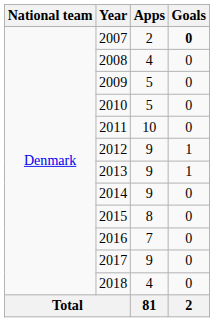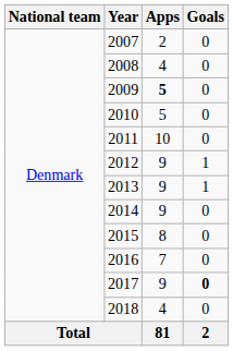 <table class="wikitable" style="text-align:center">
 <tr>
 <th>National team</th>
 <th>Year</th>
 <th>Apps</th>
 <th>Goals</th>
 </tr>
 <tr>
 <td rowspan="12"><a href='#'>Denmark</a></td>
 <td>2007</td>
 <td>2</td>
-<td><strong>0</strong></td>
+<td>0</td>
 </tr>
 <tr>
 <td>2008</td>
 <td>4</td>
 <td>0</td>
 </tr>
 <tr>
 <td>2009</td>
-<td>5</td>
+<td><strong>5</strong></td>
 <td>0</td>
 </tr>
 <tr>
 <td>2010</td>
 <td>5</td>
 <td>0</td>
 </tr>
 <tr>
 <td>2011</td>
 <td>10</td>
 <td>0</td>
 </tr>
 <tr>
 <td>2012</td>
 <td>9</td>
 <td>1</td>
 </tr>
 <tr>
 <td>2013</td>
 <td>9</td>
 <td>1</td>
 </tr>
 <tr>
 <td>2014</td>
 <td>9</td>
 <td>0</td>
 </tr>
 <tr>
 <td>2015</td>
 <td>8</td>
 <td>0</td>
 </tr>
 <tr>
 <td>2016</td>
 <td>7</td>
 <td>0</td>
 </tr>
 <tr>
 <td>2017</td>
 <td>9</td>
-<td>0</td>
+<td><strong>0</strong></td>
 </tr>
 <tr>
 <td>2018</td>
 <td>4</td>
 <td>0</td>
 </tr>
 <tr>
 <th colspan="2">Total</th>
 <th>81</th>
 <th>2</th>
 </tr>
 </table>
